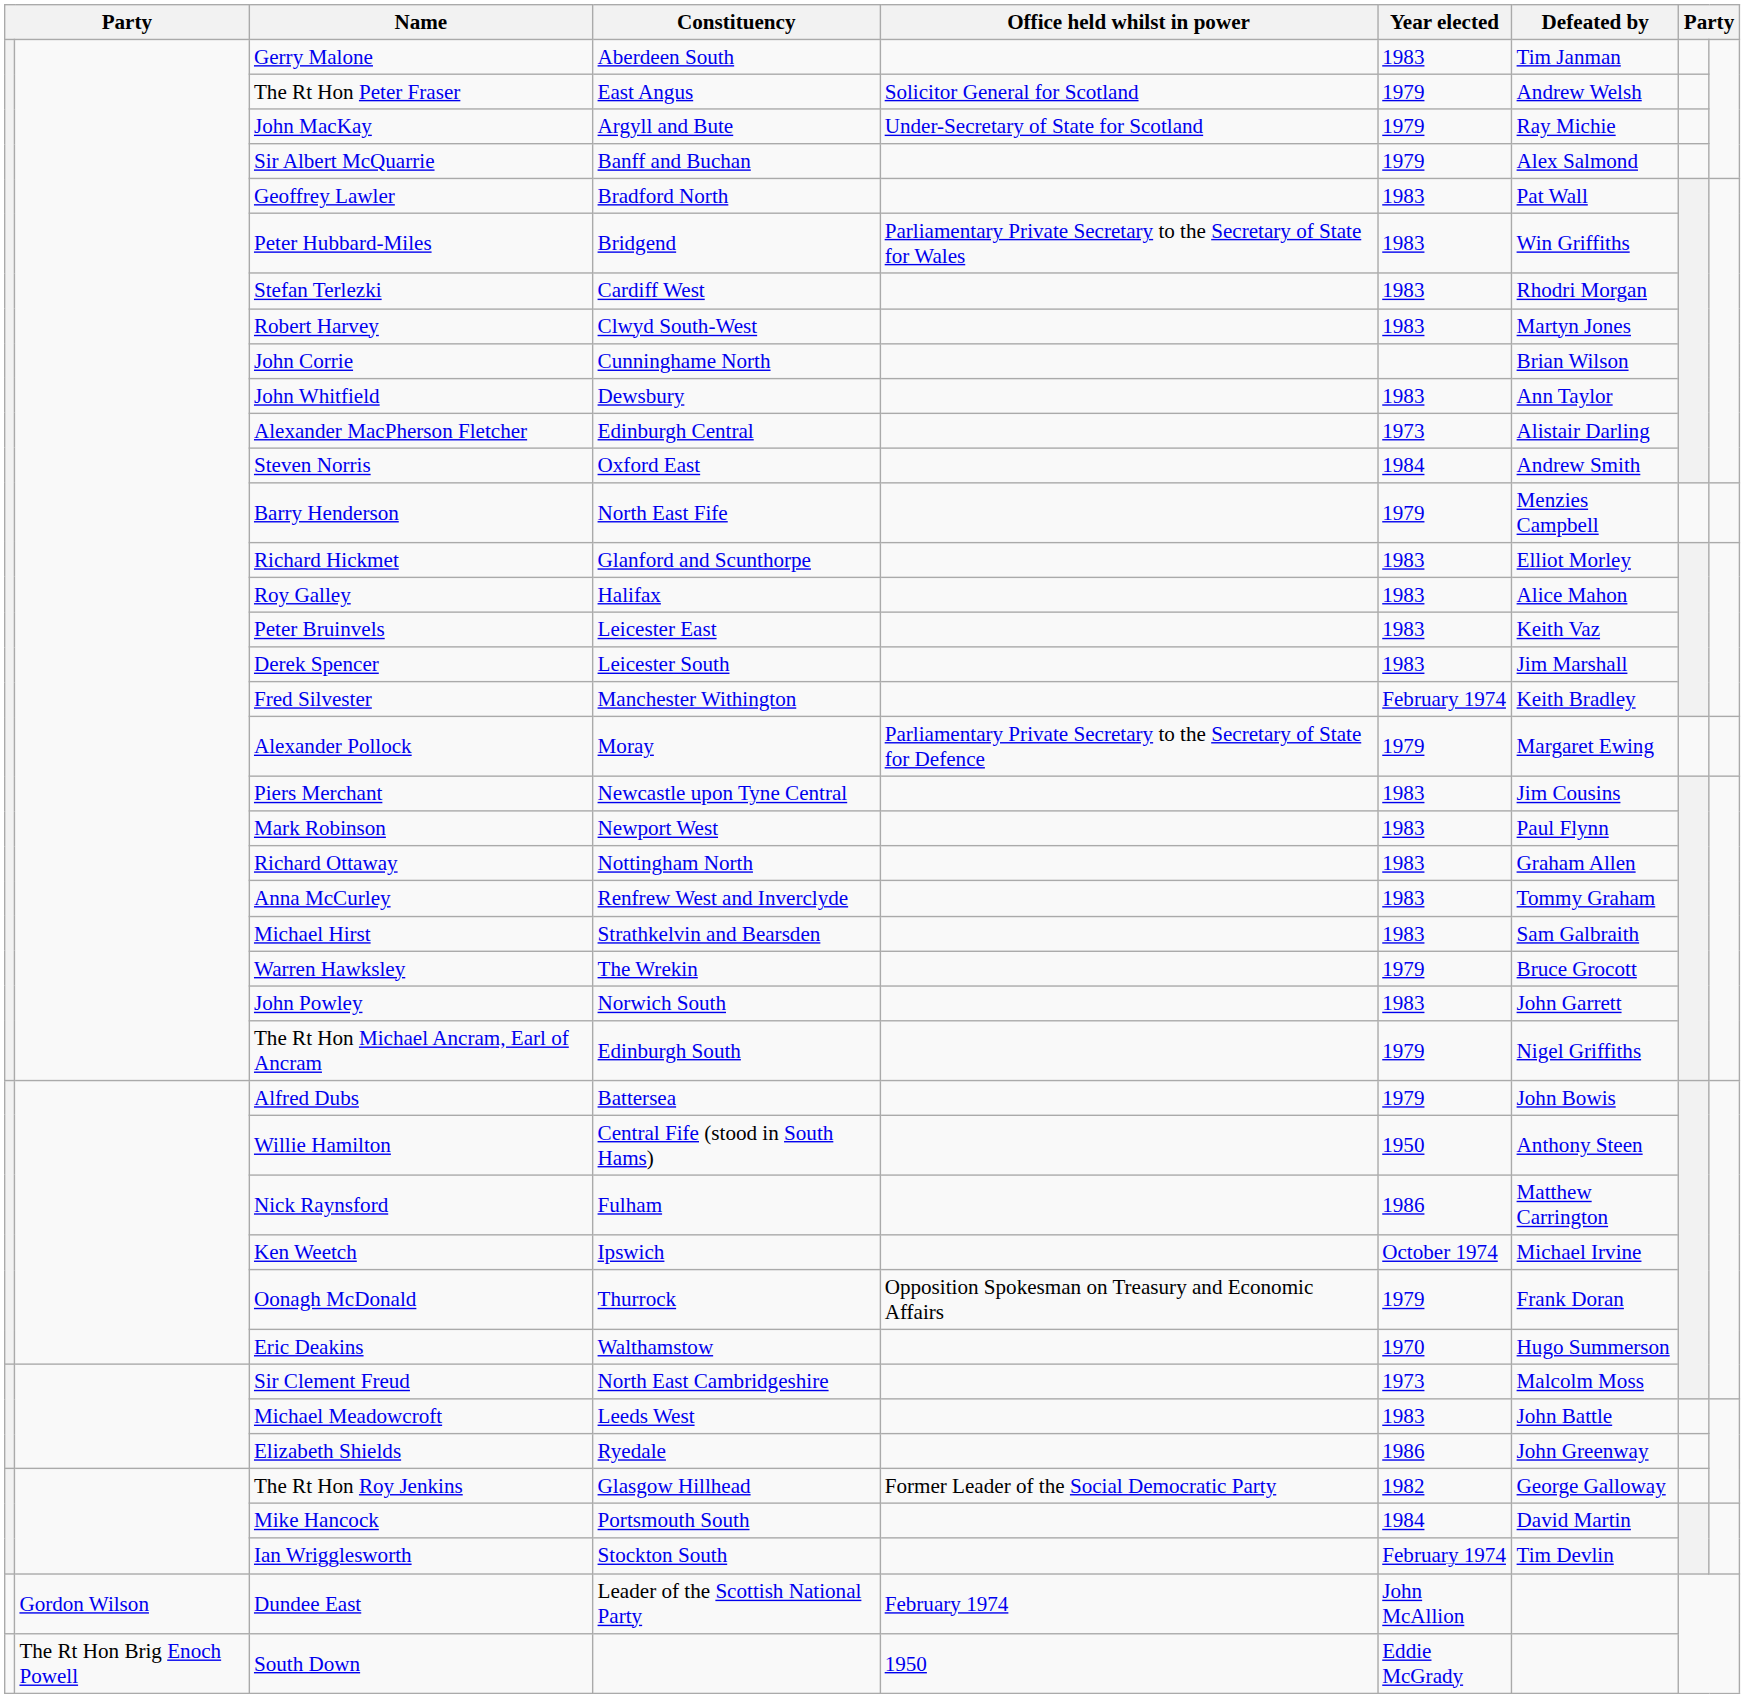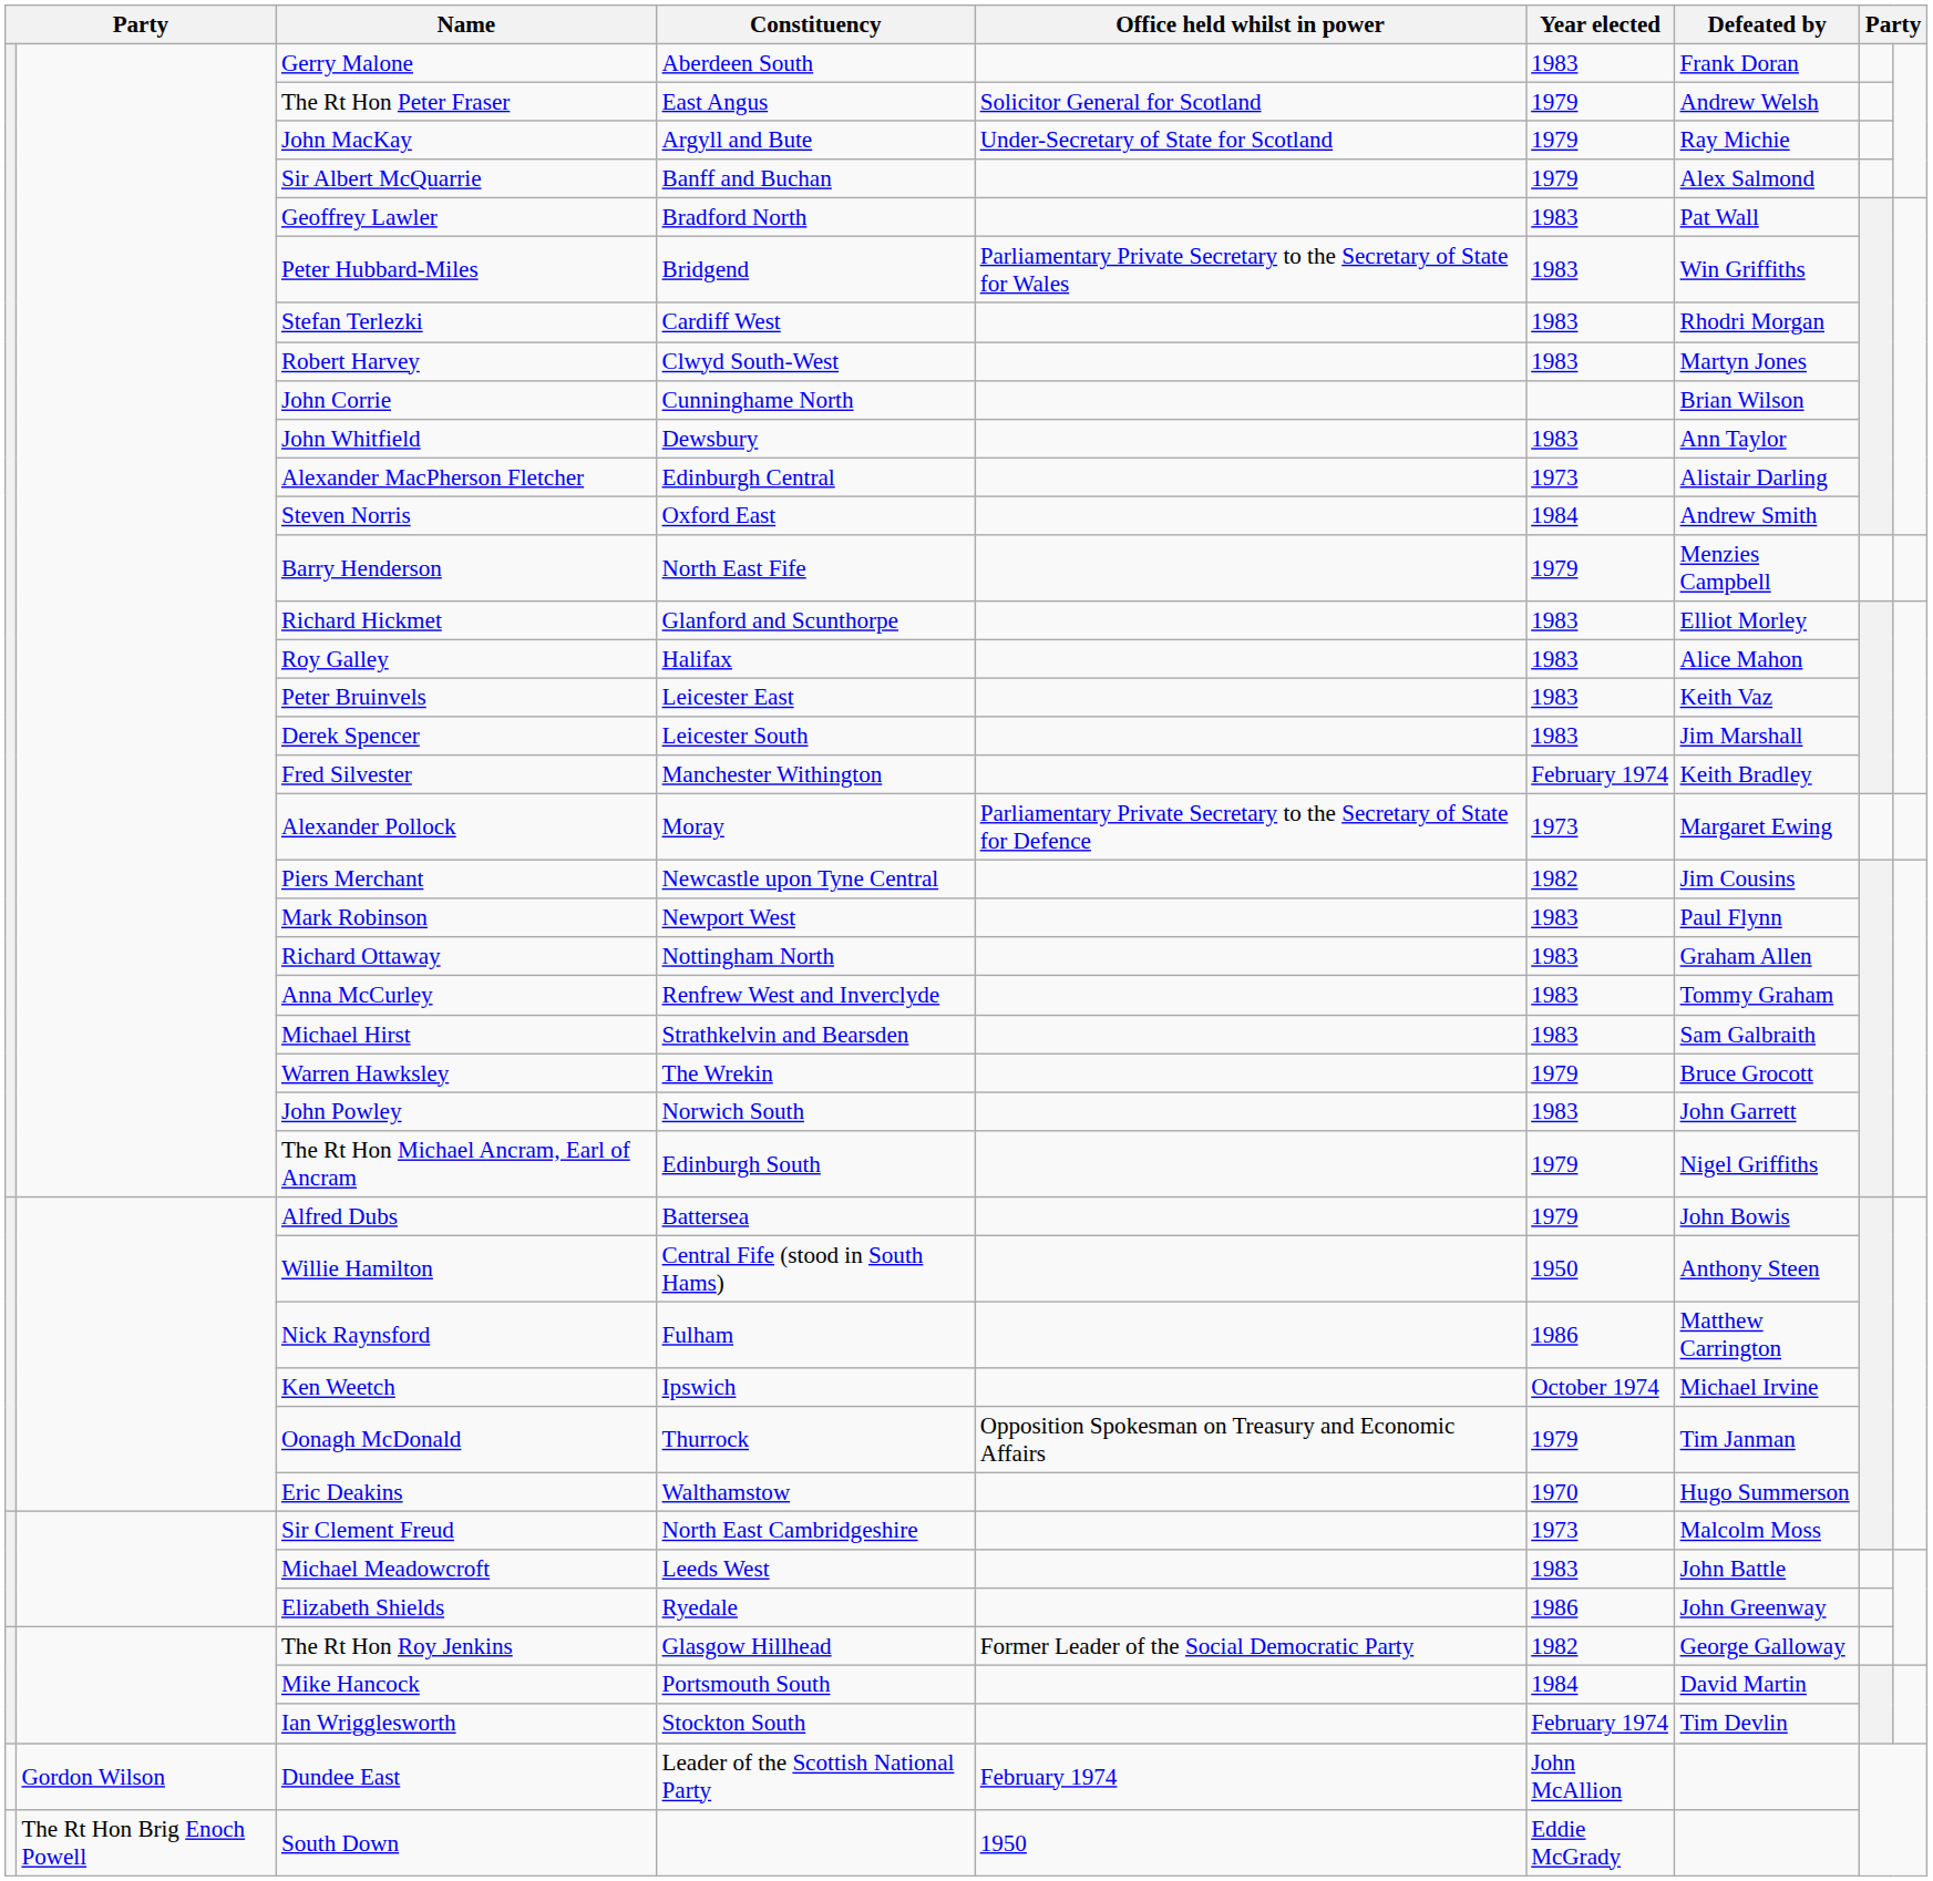 <table class="wikitable sortable" style="font-size: 95%;">
 <tr>
 <th colspan="2">Party</th>
 <th>Name</th>
 <th>Constituency</th>
 <th>Office held whilst in power</th>
 <th>Year elected</th>
 <th>Defeated by</th>
 <th colspan="2">Party</th>
 </tr>
 <tr>
 <th rowspan=27 style="background-color: "></th>
 <td rowspan=27></td>
 <td><a href='#'>Gerry Malone</a></td>
 <td><a href='#'>Aberdeen South</a></td>
 <td></td>
 <td><a href='#'>1983</a></td>
-<td><a href='#'>Tim Janman</a></td>
+<td><a href='#'>Frank Doran</a></td>
 <td></td>
 </tr>
 <tr>
 <td>The Rt Hon <a href='#'>Peter Fraser</a></td>
 <td><a href='#'>East Angus</a></td>
 <td><a href='#'>Solicitor General for Scotland</a></td>
 <td><a href='#'>1979</a></td>
 <td><a href='#'>Andrew Welsh</a></td>
 <td></td>
 </tr>
 <tr>
 <td><a href='#'>John MacKay</a></td>
 <td><a href='#'>Argyll and Bute</a></td>
 <td><a href='#'>Under-Secretary of State for Scotland</a></td>
 <td><a href='#'>1979</a></td>
 <td><a href='#'>Ray Michie</a></td>
 <td></td>
 </tr>
 <tr>
 <td><a href='#'>Sir Albert McQuarrie</a></td>
 <td><a href='#'>Banff and Buchan</a></td>
 <td></td>
 <td><a href='#'>1979</a></td>
 <td><a href='#'>Alex Salmond</a></td>
 <td></td>
 </tr>
 <tr>
 <td><a href='#'>Geoffrey Lawler</a></td>
 <td><a href='#'>Bradford North</a></td>
 <td></td>
 <td><a href='#'>1983</a></td>
 <td><a href='#'>Pat Wall</a></td>
 <th rowspan=8 style="background-color: "></th>
 <td rowspan=8></td>
 </tr>
 <tr>
 <td><a href='#'>Peter Hubbard-Miles</a></td>
 <td><a href='#'>Bridgend</a></td>
 <td><a href='#'>Parliamentary Private Secretary</a> to the <a href='#'>Secretary of State for Wales</a></td>
 <td><a href='#'>1983</a></td>
 <td><a href='#'>Win Griffiths</a></td>
 </tr>
 <tr>
 <td><a href='#'>Stefan Terlezki</a></td>
 <td><a href='#'>Cardiff West</a></td>
 <td></td>
 <td><a href='#'>1983</a></td>
 <td><a href='#'>Rhodri Morgan</a></td>
 </tr>
 <tr>
 <td><a href='#'>Robert Harvey</a></td>
 <td><a href='#'>Clwyd South-West</a></td>
 <td></td>
 <td><a href='#'>1983</a></td>
 <td><a href='#'>Martyn Jones</a></td>
 </tr>
 <tr>
 <td><a href='#'>John Corrie</a></td>
 <td><a href='#'>Cunninghame North</a></td>
 <td></td>
 <td><a href='#'></a></td>
 <td><a href='#'>Brian Wilson</a></td>
 </tr>
 <tr>
 <td><a href='#'>John Whitfield</a></td>
 <td><a href='#'>Dewsbury</a></td>
 <td></td>
 <td><a href='#'>1983</a></td>
 <td><a href='#'>Ann Taylor</a></td>
 </tr>
 <tr>
 <td><a href='#'>Alexander MacPherson Fletcher</a></td>
 <td><a href='#'>Edinburgh Central</a></td>
 <td></td>
 <td><a href='#'>1973</a></td>
 <td><a href='#'>Alistair Darling</a></td>
 </tr>
 <tr>
 <td><a href='#'>Steven Norris</a></td>
 <td><a href='#'>Oxford East</a></td>
 <td></td>
 <td><a href='#'>1984</a></td>
 <td><a href='#'>Andrew Smith</a></td>
 </tr>
 <tr>
 <td><a href='#'>Barry Henderson</a></td>
 <td><a href='#'>North East Fife</a></td>
 <td></td>
 <td><a href='#'>1979</a></td>
 <td><a href='#'>Menzies Campbell</a></td>
 <td></td>
 </tr>
 <tr>
 <td><a href='#'>Richard Hickmet</a></td>
 <td><a href='#'>Glanford and Scunthorpe</a></td>
 <td></td>
 <td><a href='#'>1983</a></td>
 <td><a href='#'>Elliot Morley</a></td>
 <th rowspan=5 style="background-color: "></th>
 <td rowspan=5></td>
 </tr>
 <tr>
 <td><a href='#'>Roy Galley</a></td>
 <td><a href='#'>Halifax</a></td>
 <td></td>
 <td><a href='#'>1983</a></td>
 <td><a href='#'>Alice Mahon</a></td>
 </tr>
 <tr>
 <td><a href='#'>Peter Bruinvels</a></td>
 <td><a href='#'>Leicester East</a></td>
 <td></td>
 <td><a href='#'>1983</a></td>
 <td><a href='#'>Keith Vaz</a></td>
 </tr>
 <tr>
 <td><a href='#'>Derek Spencer</a></td>
 <td><a href='#'>Leicester South</a></td>
 <td></td>
 <td><a href='#'>1983</a></td>
 <td><a href='#'>Jim Marshall</a></td>
 </tr>
 <tr>
 <td><a href='#'>Fred Silvester</a></td>
 <td><a href='#'>Manchester Withington</a></td>
 <td></td>
 <td><a href='#'>February 1974</a></td>
 <td><a href='#'>Keith Bradley</a></td>
 </tr>
 <tr>
 <td><a href='#'>Alexander Pollock</a></td>
 <td><a href='#'>Moray</a></td>
 <td><a href='#'>Parliamentary Private Secretary</a> to the <a href='#'>Secretary of State for Defence</a></td>
-<td><a href='#'>1979</a></td>
+<td><a href='#'>1973</a></td>
 <td><a href='#'>Margaret Ewing</a></td>
 <td></td>
 </tr>
 <tr>
 <td><a href='#'>Piers Merchant</a></td>
 <td><a href='#'>Newcastle upon Tyne Central</a></td>
 <td></td>
-<td><a href='#'>1983</a></td>
+<td><a href='#'>1982</a></td>
 <td><a href='#'>Jim Cousins</a></td>
 <th rowspan=8 style="background-color: "></th>
 <td rowspan=8></td>
 </tr>
 <tr>
 <td><a href='#'>Mark Robinson</a></td>
 <td><a href='#'>Newport West</a></td>
 <td></td>
 <td><a href='#'>1983</a></td>
 <td><a href='#'>Paul Flynn</a></td>
 </tr>
 <tr>
 <td><a href='#'>Richard Ottaway</a></td>
 <td><a href='#'>Nottingham North</a></td>
 <td></td>
 <td><a href='#'>1983</a></td>
 <td><a href='#'>Graham Allen</a></td>
 </tr>
 <tr>
 <td><a href='#'>Anna McCurley</a></td>
 <td><a href='#'>Renfrew West and Inverclyde</a></td>
 <td></td>
 <td><a href='#'>1983</a></td>
 <td><a href='#'>Tommy Graham</a></td>
 </tr>
 <tr>
 <td><a href='#'>Michael Hirst</a></td>
 <td><a href='#'>Strathkelvin and Bearsden</a></td>
 <td></td>
 <td><a href='#'>1983</a></td>
 <td><a href='#'>Sam Galbraith</a></td>
 </tr>
 <tr>
 <td><a href='#'>Warren Hawksley</a></td>
 <td><a href='#'>The Wrekin</a></td>
 <td></td>
 <td><a href='#'>1979</a></td>
 <td><a href='#'>Bruce Grocott</a></td>
 </tr>
 <tr>
 <td><a href='#'>John Powley</a></td>
 <td><a href='#'>Norwich South</a></td>
 <td></td>
 <td><a href='#'>1983</a></td>
 <td><a href='#'>John Garrett</a></td>
 </tr>
 <tr>
 <td>The Rt Hon <a href='#'>Michael Ancram, Earl of Ancram</a></td>
 <td><a href='#'>Edinburgh South</a></td>
 <td></td>
 <td><a href='#'>1979</a></td>
 <td><a href='#'>Nigel Griffiths</a></td>
 </tr>
 <tr>
 <th rowspan=6 style="background-color: "></th>
 <td rowspan=6></td>
 <td><a href='#'>Alfred Dubs</a></td>
 <td><a href='#'>Battersea</a></td>
 <td></td>
 <td><a href='#'>1979</a></td>
 <td><a href='#'>John Bowis</a></td>
 <th rowspan=7 style="background-color: "></th>
 <td rowspan=7></td>
 </tr>
 <tr>
 <td><a href='#'>Willie Hamilton</a></td>
 <td><a href='#'>Central Fife</a> (stood in <a href='#'>South Hams</a>)</td>
 <td></td>
 <td><a href='#'>1950</a></td>
 <td><a href='#'>Anthony Steen</a></td>
 </tr>
 <tr>
 <td><a href='#'>Nick Raynsford</a></td>
 <td><a href='#'>Fulham</a></td>
 <td></td>
 <td><a href='#'>1986</a></td>
 <td><a href='#'>Matthew Carrington</a></td>
 </tr>
 <tr>
 <td><a href='#'>Ken Weetch</a></td>
 <td><a href='#'>Ipswich</a></td>
 <td></td>
 <td><a href='#'>October 1974</a></td>
 <td><a href='#'>Michael Irvine</a></td>
 </tr>
 <tr>
 <td><a href='#'>Oonagh McDonald</a></td>
 <td><a href='#'>Thurrock</a></td>
 <td>Opposition Spokesman on Treasury and Economic Affairs</td>
 <td><a href='#'>1979</a></td>
-<td><a href='#'>Frank Doran</a></td>
+<td><a href='#'>Tim Janman</a></td>
 </tr>
 <tr>
 <td><a href='#'>Eric Deakins</a></td>
 <td><a href='#'>Walthamstow</a></td>
 <td></td>
 <td><a href='#'>1970</a></td>
 <td><a href='#'>Hugo Summerson</a></td>
 </tr>
 <tr>
 <th rowspan=3 style="background-color: "></th>
 <td rowspan=3></td>
 <td><a href='#'>Sir Clement Freud</a></td>
 <td><a href='#'>North East Cambridgeshire</a></td>
 <td></td>
 <td><a href='#'>1973</a></td>
 <td><a href='#'>Malcolm Moss</a></td>
 </tr>
 <tr>
 <td><a href='#'>Michael Meadowcroft</a></td>
 <td><a href='#'>Leeds West</a></td>
 <td></td>
 <td><a href='#'>1983</a></td>
 <td><a href='#'>John Battle</a></td>
 <td></td>
 </tr>
 <tr>
 <td><a href='#'>Elizabeth Shields</a></td>
 <td><a href='#'>Ryedale</a></td>
 <td></td>
 <td><a href='#'>1986</a></td>
 <td><a href='#'>John Greenway</a></td>
 <td></td>
 </tr>
 <tr>
 <th rowspan=3 style="background-color: "></th>
 <td rowspan=3></td>
 <td>The Rt Hon <a href='#'>Roy Jenkins</a></td>
 <td><a href='#'>Glasgow Hillhead</a></td>
 <td>Former Leader of the <a href='#'>Social Democratic Party</a></td>
 <td><a href='#'>1982</a></td>
 <td><a href='#'>George Galloway</a></td>
 <td></td>
 </tr>
 <tr>
 <td><a href='#'>Mike Hancock</a></td>
 <td><a href='#'>Portsmouth South</a></td>
 <td></td>
 <td><a href='#'>1984</a></td>
 <td><a href='#'>David Martin</a></td>
 <th rowspan=2 style="background-color: "></th>
 <td rowspan=2></td>
 </tr>
 <tr>
 <td><a href='#'>Ian Wrigglesworth</a></td>
 <td><a href='#'>Stockton South</a></td>
 <td></td>
 <td><a href='#'>February 1974</a></td>
 <td><a href='#'>Tim Devlin</a></td>
 </tr>
 <tr>
 <td></td>
 <td><a href='#'>Gordon Wilson</a></td>
 <td><a href='#'>Dundee East</a></td>
 <td>Leader of the <a href='#'>Scottish National Party</a></td>
 <td><a href='#'>February 1974</a></td>
 <td><a href='#'>John McAllion</a></td>
 <td></td>
 </tr>
 <tr>
 <td></td>
 <td>The Rt Hon Brig <a href='#'>Enoch Powell</a></td>
 <td><a href='#'>South Down</a></td>
 <td></td>
 <td><a href='#'>1950</a></td>
 <td><a href='#'>Eddie McGrady</a></td>
 <td></td>
 </tr>
 <tr>
 </tr>
 </table>
